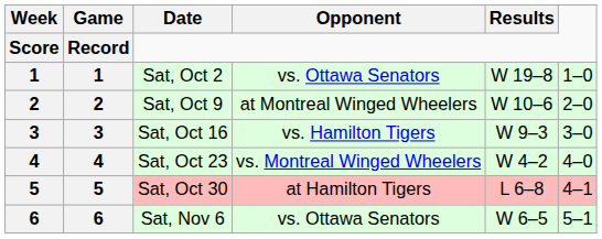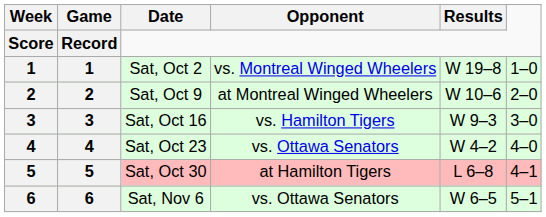 <table class="wikitable" style="text-align:center">
 <tr>
 <th>Week</th>
 <th>Game</th>
 <th>Date</th>
 <th>Opponent</th>
 <th>Results</th>
 </tr>
 <tr>
 <th>Score</th>
 <th>Record</th>
 </tr>
 <tr style="background:#ddffdd">
 <th>1</th>
 <th>1</th>
 <td>Sat, Oct 2</td>
-<td>vs. <a href='#'>Ottawa Senators</a></td>
+<td>vs. <a href='#'>Montreal Winged Wheelers</a></td>
 <td>W 19–8</td>
 <td>1–0</td>
 </tr>
 <tr style="background:#ddffdd">
 <th>2</th>
 <th>2</th>
 <td>Sat, Oct 9</td>
 <td>at Montreal Winged Wheelers</td>
 <td>W 10–6</td>
 <td>2–0</td>
 </tr>
 <tr style="background:#ddffdd">
 <th>3</th>
 <th>3</th>
 <td>Sat, Oct 16</td>
 <td>vs. <a href='#'>Hamilton Tigers</a></td>
 <td>W 9–3</td>
 <td>3–0</td>
 </tr>
 <tr style="background:#ddffdd">
 <th>4</th>
 <th>4</th>
 <td>Sat, Oct 23</td>
-<td>vs. <a href='#'>Montreal Winged Wheelers</a></td>
+<td>vs. <a href='#'>Ottawa Senators</a></td>
 <td>W 4–2</td>
 <td>4–0</td>
 </tr>
 <tr style="background:#ffbbbb">
 <th>5</th>
 <th>5</th>
 <td>Sat, Oct 30</td>
 <td>at Hamilton Tigers</td>
 <td>L 6–8</td>
 <td>4–1</td>
 </tr>
 <tr style="background:#ddffdd">
 <th>6</th>
 <th>6</th>
 <td>Sat, Nov 6</td>
 <td>vs. Ottawa Senators</td>
 <td>W 6–5</td>
 <td>5–1</td>
 </tr>
 </table>
